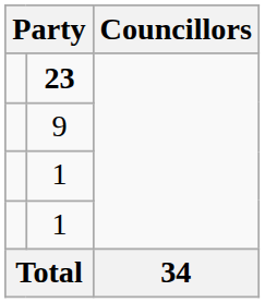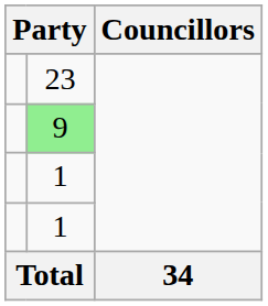 <table class="wikitable">
 <tr>
 <th colspan=2>Party</th>
 <th>Councillors</th>
 </tr>
 <tr>
 <td></td>
-<td align=center><strong>23</strong></td>
+<td align=center>23</td>
 </tr>
 <tr>
 <td></td>
-<td align=center>9</td>
+<td align=center style="background: lightgreen;">9</td>
 </tr>
 <tr>
 <td></td>
 <td align=center>1</td>
 </tr>
 <tr>
 <td></td>
 <td align=center>1</td>
 </tr>
 <tr>
 <th colspan=2>Total</th>
 <th align=center>34</th>
 </tr>
 </table>
